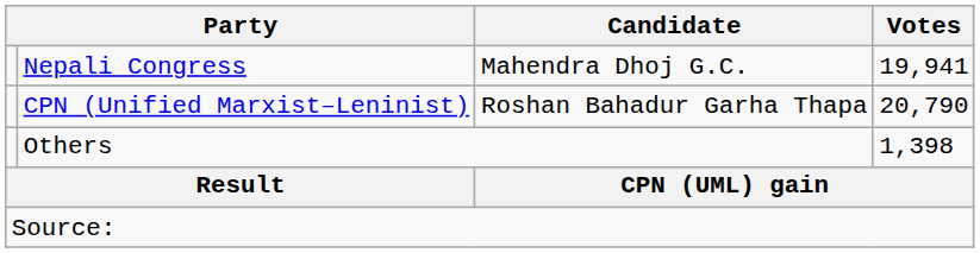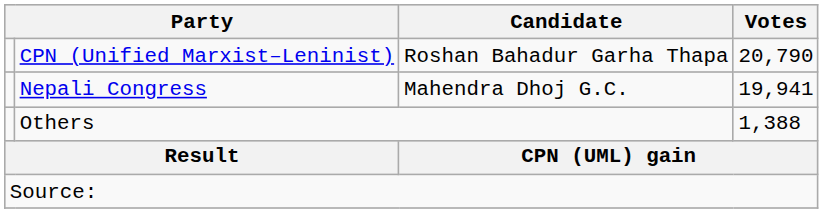 <table class="wikitable">
 <tr>
 <th colspan="2">Party</th>
 <th>Candidate</th>
 <th>Votes</th>
 </tr>
 <tr>
 <td style="background-color:"></td>
+<td><a href='#'>CPN (Unified Marxist–Leninist)</a></td>
+<td>Roshan Bahadur Garha Thapa</td>
+<td>20,790</td>
+</tr>
+<tr>
+<td style="background-color:"></td>
 <td><a href='#'>Nepali Congress</a></td>
 <td>Mahendra Dhoj G.C.</td>
 <td>19,941</td>
 </tr>
 <tr>
-<td style="background-color:"></td>
-<td><a href='#'>CPN (Unified Marxist–Leninist)</a></td>
-<td>Roshan Bahadur Garha Thapa</td>
-<td>20,790</td>
-</tr>
-<tr>
 <td></td>
 <td colspan="2">Others</td>
-<td>1,398</td>
+<td>1,388</td>
 </tr>
 <tr>
 <th colspan="2">Result</th>
 <th colspan="2">CPN (UML) gain</th>
 </tr>
 <tr>
 <td colspan="4">Source: </td>
 </tr>
 </table>
